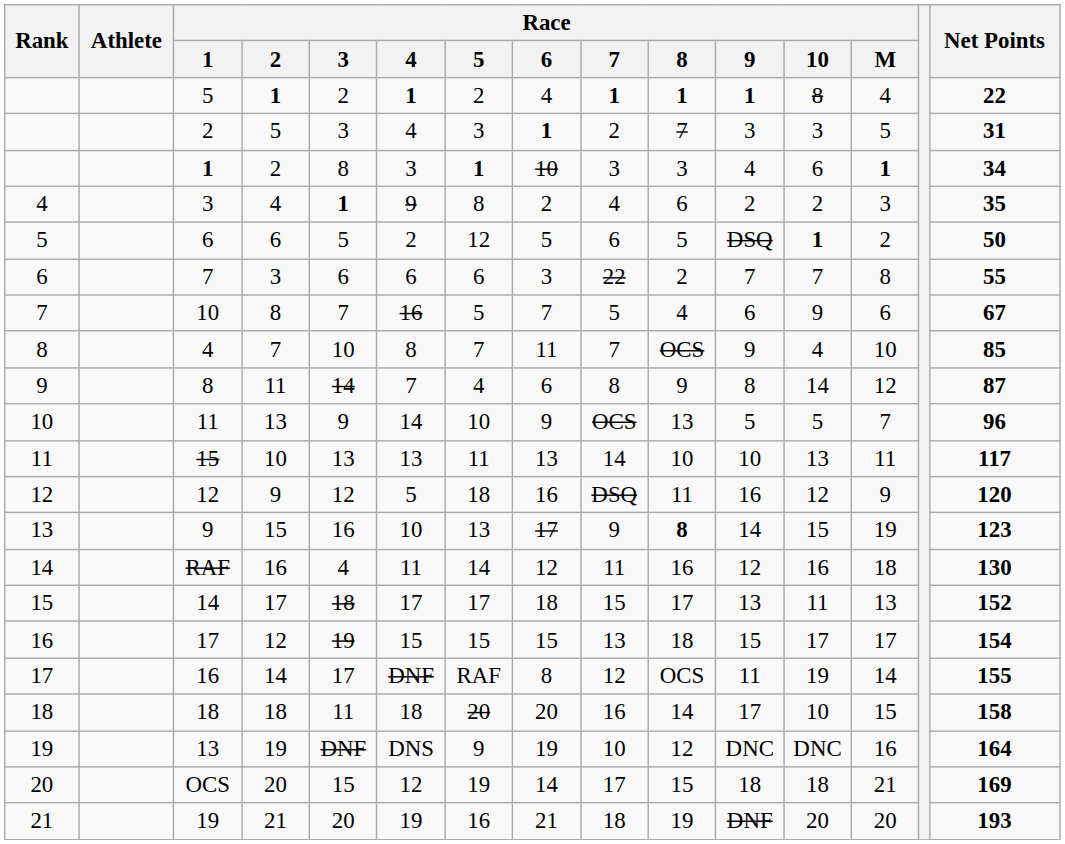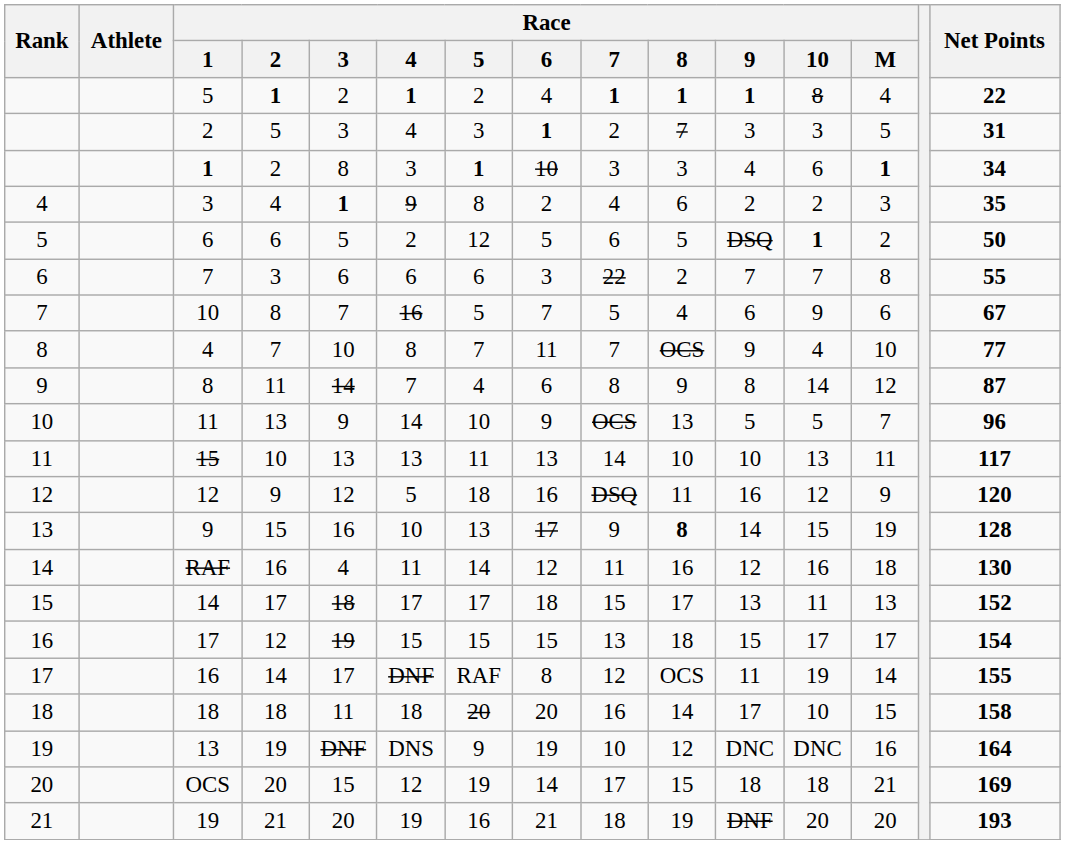 <table class="wikitable" style="text-align:center">
 <tr>
 <th rowspan="2">Rank</th>
 <th rowspan="2">Athlete</th>
 <th colspan="11">Race</th>
 <th width=1% rowspan=45></th>
 <th rowspan="2">Net Points</th>
 </tr>
 <tr>
 <th width=40>1</th>
 <th width=40>2</th>
 <th width=40>3</th>
 <th width=40>4</th>
 <th width=40>5</th>
 <th width=40>6</th>
 <th width=40>7</th>
 <th width=40>8</th>
 <th width=40>9</th>
 <th width=40>10</th>
 <th width=40>M</th>
 </tr>
 <tr>
 <td></td>
 <td align=left></td>
 <td>5</td>
 <td><strong>1</strong></td>
 <td>2</td>
 <td><strong>1</strong></td>
 <td>2</td>
 <td>4</td>
 <td><strong>1</strong></td>
 <td><strong>1</strong></td>
 <td><strong>1</strong></td>
 <td><s>8</s></td>
 <td>4</td>
 <td><strong>22</strong></td>
 </tr>
 <tr>
 <td></td>
 <td align=left></td>
 <td>2</td>
 <td>5</td>
 <td>3</td>
 <td>4</td>
 <td>3</td>
 <td><strong>1</strong></td>
 <td>2</td>
 <td><s>7</s></td>
 <td>3</td>
 <td>3</td>
 <td>5</td>
 <td><strong>31</strong></td>
 </tr>
 <tr>
 <td></td>
 <td align=left></td>
 <td><strong>1</strong></td>
 <td>2</td>
 <td>8</td>
 <td>3</td>
 <td><strong>1</strong></td>
 <td><s>10</s></td>
 <td>3</td>
 <td>3</td>
 <td>4</td>
 <td>6</td>
 <td><strong>1</strong></td>
 <td><strong>34</strong></td>
 </tr>
 <tr>
 <td>4</td>
 <td align=left></td>
 <td>3</td>
 <td>4</td>
 <td><strong>1</strong></td>
 <td><s>9</s></td>
 <td>8</td>
 <td>2</td>
 <td>4</td>
 <td>6</td>
 <td>2</td>
 <td>2</td>
 <td>3</td>
 <td><strong>35</strong></td>
 </tr>
 <tr>
 <td>5</td>
 <td align=left></td>
 <td>6</td>
 <td>6</td>
 <td>5</td>
 <td>2</td>
 <td>12</td>
 <td>5</td>
 <td>6</td>
 <td>5</td>
 <td><s>DSQ</s></td>
 <td><strong>1</strong></td>
 <td>2</td>
 <td><strong>50</strong></td>
 </tr>
 <tr>
 <td>6</td>
 <td align=left></td>
 <td>7</td>
 <td>3</td>
 <td>6</td>
 <td>6</td>
 <td>6</td>
 <td>3</td>
 <td><s>22</s></td>
 <td>2</td>
 <td>7</td>
 <td>7</td>
 <td>8</td>
 <td><strong>55</strong></td>
 </tr>
 <tr>
 <td>7</td>
 <td align=left></td>
 <td>10</td>
 <td>8</td>
 <td>7</td>
 <td><s>16</s></td>
 <td>5</td>
 <td>7</td>
 <td>5</td>
 <td>4</td>
 <td>6</td>
 <td>9</td>
 <td>6</td>
 <td><strong>67</strong></td>
 </tr>
 <tr>
 <td>8</td>
 <td align=left></td>
 <td>4</td>
 <td>7</td>
 <td>10</td>
 <td>8</td>
 <td>7</td>
 <td>11</td>
 <td>7</td>
 <td><s>OCS</s></td>
 <td>9</td>
 <td>4</td>
 <td>10</td>
-<td><strong>85</strong></td>
+<td><strong>77</strong></td>
 </tr>
 <tr>
 <td>9</td>
 <td align=left></td>
 <td>8</td>
 <td>11</td>
 <td><s>14</s></td>
 <td>7</td>
 <td>4</td>
 <td>6</td>
 <td>8</td>
 <td>9</td>
 <td>8</td>
 <td>14</td>
 <td>12</td>
 <td><strong>87</strong></td>
 </tr>
 <tr>
 <td>10</td>
 <td align=left></td>
 <td>11</td>
 <td>13</td>
 <td>9</td>
 <td>14</td>
 <td>10</td>
 <td>9</td>
 <td><s>OCS</s></td>
 <td>13</td>
 <td>5</td>
 <td>5</td>
 <td>7</td>
 <td><strong>96</strong></td>
 </tr>
 <tr>
 <td>11</td>
 <td align=left></td>
 <td><s>15</s></td>
 <td>10</td>
 <td>13</td>
 <td>13</td>
 <td>11</td>
 <td>13</td>
 <td>14</td>
 <td>10</td>
 <td>10</td>
 <td>13</td>
 <td>11</td>
 <td><strong>117</strong></td>
 </tr>
 <tr>
 <td>12</td>
 <td align=left></td>
 <td>12</td>
 <td>9</td>
 <td>12</td>
 <td>5</td>
 <td>18</td>
 <td>16</td>
 <td><s>DSQ</s></td>
 <td>11</td>
 <td>16</td>
 <td>12</td>
 <td>9</td>
 <td><strong>120</strong></td>
 </tr>
 <tr>
 <td>13</td>
 <td align=left></td>
 <td>9</td>
 <td>15</td>
 <td>16</td>
 <td>10</td>
 <td>13</td>
 <td><s>17</s></td>
 <td>9</td>
 <td><strong>8</strong></td>
 <td>14</td>
 <td>15</td>
 <td>19</td>
-<td><strong>123</strong></td>
+<td><strong>128</strong></td>
 </tr>
 <tr>
 <td>14</td>
 <td align=left></td>
 <td><s>RAF</s></td>
 <td>16</td>
 <td>4</td>
 <td>11</td>
 <td>14</td>
 <td>12</td>
 <td>11</td>
 <td>16</td>
 <td>12</td>
 <td>16</td>
 <td>18</td>
 <td><strong>130</strong></td>
 </tr>
 <tr>
 <td>15</td>
 <td align=left></td>
 <td>14</td>
 <td>17</td>
 <td><s>18</s></td>
 <td>17</td>
 <td>17</td>
 <td>18</td>
 <td>15</td>
 <td>17</td>
 <td>13</td>
 <td>11</td>
 <td>13</td>
 <td><strong>152</strong></td>
 </tr>
 <tr>
 <td>16</td>
 <td align=left></td>
 <td>17</td>
 <td>12</td>
 <td><s>19</s></td>
 <td>15</td>
 <td>15</td>
 <td>15</td>
 <td>13</td>
 <td>18</td>
 <td>15</td>
 <td>17</td>
 <td>17</td>
 <td><strong>154</strong></td>
 </tr>
 <tr>
 <td>17</td>
 <td align=left></td>
 <td>16</td>
 <td>14</td>
 <td>17</td>
 <td><s>DNF</s></td>
 <td>RAF</td>
 <td>8</td>
 <td>12</td>
 <td>OCS</td>
 <td>11</td>
 <td>19</td>
 <td>14</td>
 <td><strong>155</strong></td>
 </tr>
 <tr>
 <td>18</td>
 <td align=left></td>
 <td>18</td>
 <td>18</td>
 <td>11</td>
 <td>18</td>
 <td><s>20</s></td>
 <td>20</td>
 <td>16</td>
 <td>14</td>
 <td>17</td>
 <td>10</td>
 <td>15</td>
 <td><strong>158</strong></td>
 </tr>
 <tr>
 <td>19</td>
 <td align=left></td>
 <td>13</td>
 <td>19</td>
 <td><s>DNF</s></td>
 <td>DNS</td>
 <td>9</td>
 <td>19</td>
 <td>10</td>
 <td>12</td>
 <td>DNC</td>
 <td>DNC</td>
 <td>16</td>
 <td><strong>164</strong></td>
 </tr>
 <tr>
 <td>20</td>
 <td align=left></td>
 <td>OCS</td>
 <td>20</td>
 <td>15</td>
 <td>12</td>
 <td>19</td>
 <td>14</td>
 <td>17</td>
 <td>15</td>
 <td>18</td>
 <td>18</td>
 <td>21</td>
 <td><strong>169</strong></td>
 </tr>
 <tr>
 <td>21</td>
 <td align=left></td>
 <td>19</td>
 <td>21</td>
 <td>20</td>
 <td>19</td>
 <td>16</td>
 <td>21</td>
 <td>18</td>
 <td>19</td>
 <td><s>DNF</s></td>
 <td>20</td>
 <td>20</td>
 <td><strong>193</strong></td>
 </tr>
 <tr>
 </tr>
 </table>
